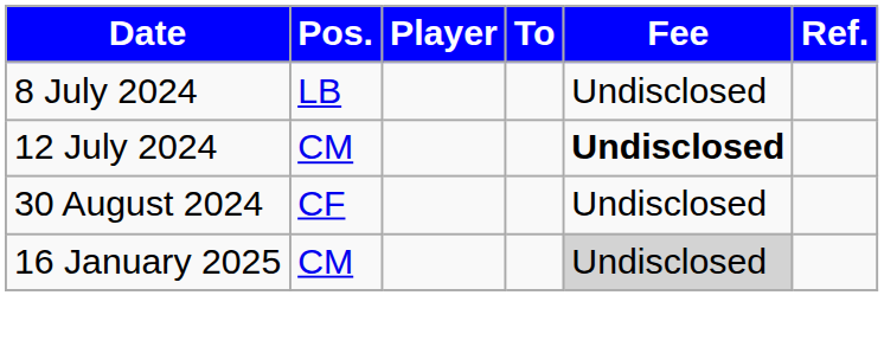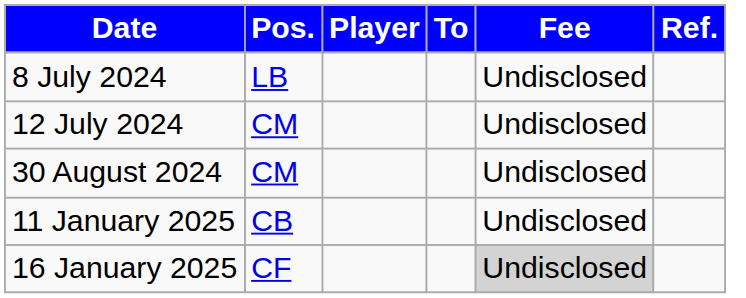 <table class="wikitable plainrowheaders sortable">
 <tr>
 <th style="background:#0000FF;color:white;">Date</th>
 <th style="background:#0000FF;color:white;">Pos.</th>
 <th style="background:#0000FF;color:white;">Player</th>
 <th style="background:#0000FF;color:white;">To</th>
 <th style="background:#0000FF;color:white;">Fee</th>
 <th style="background:#0000FF;color:white;">Ref.</th>
 </tr>
 <tr>
 <td>8 July 2024</td>
 <td><a href='#'>LB</a></td>
 <td></td>
 <td></td>
 <td>Undisclosed</td>
 <td></td>
 </tr>
 <tr>
 <td>12 July 2024</td>
 <td><a href='#'>CM</a></td>
 <td></td>
 <td></td>
-<td><strong>Undisclosed</strong></td>
+<td>Undisclosed</td>
 <td></td>
 </tr>
 <tr>
 <td>30 August 2024</td>
-<td><a href='#'>CF</a></td>
+<td><a href='#'>CM</a></td>
+<td></td>
+<td></td>
+<td>Undisclosed</td>
+<td></td>
+</tr>
+<tr>
+<td>11 January 2025</td>
+<td><a href='#'>CB</a></td>
 <td></td>
 <td></td>
 <td>Undisclosed</td>
 <td></td>
 </tr>
 <tr>
 <td>16 January 2025</td>
-<td><a href='#'>CM</a></td>
+<td><a href='#'>CF</a></td>
 <td></td>
 <td></td>
 <td style="background: lightgrey;">Undisclosed</td>
 <td></td>
 </tr>
 </table>
